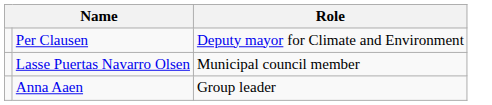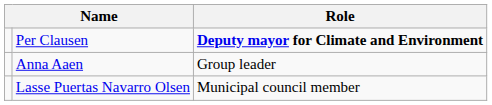 <table class="wikitable">
 <tr>
 <th colspan="2">Name</th>
 <th>Role</th>
 </tr>
 <tr>
 <td width="1"></td>
 <td><a href='#'>Per Clausen</a></td>
-<td><a href='#'>Deputy mayor</a> for Climate and Environment</td>
+<td><strong><a href='#'>Deputy mayor</a> for Climate and Environment</strong></td>
+</tr>
+<tr>
+<td width="1"></td>
+<td><a href='#'>Anna Aaen</a></td>
+<td>Group leader</td>
 </tr>
 <tr>
 <td width="1"></td>
 <td><a href='#'>Lasse Puertas Navarro Olsen</a></td>
 <td>Municipal council member</td>
 </tr>
-<tr>
-<td width="1"></td>
-<td><a href='#'>Anna Aaen</a></td>
-<td>Group leader</td>
-</tr>
 </table>
